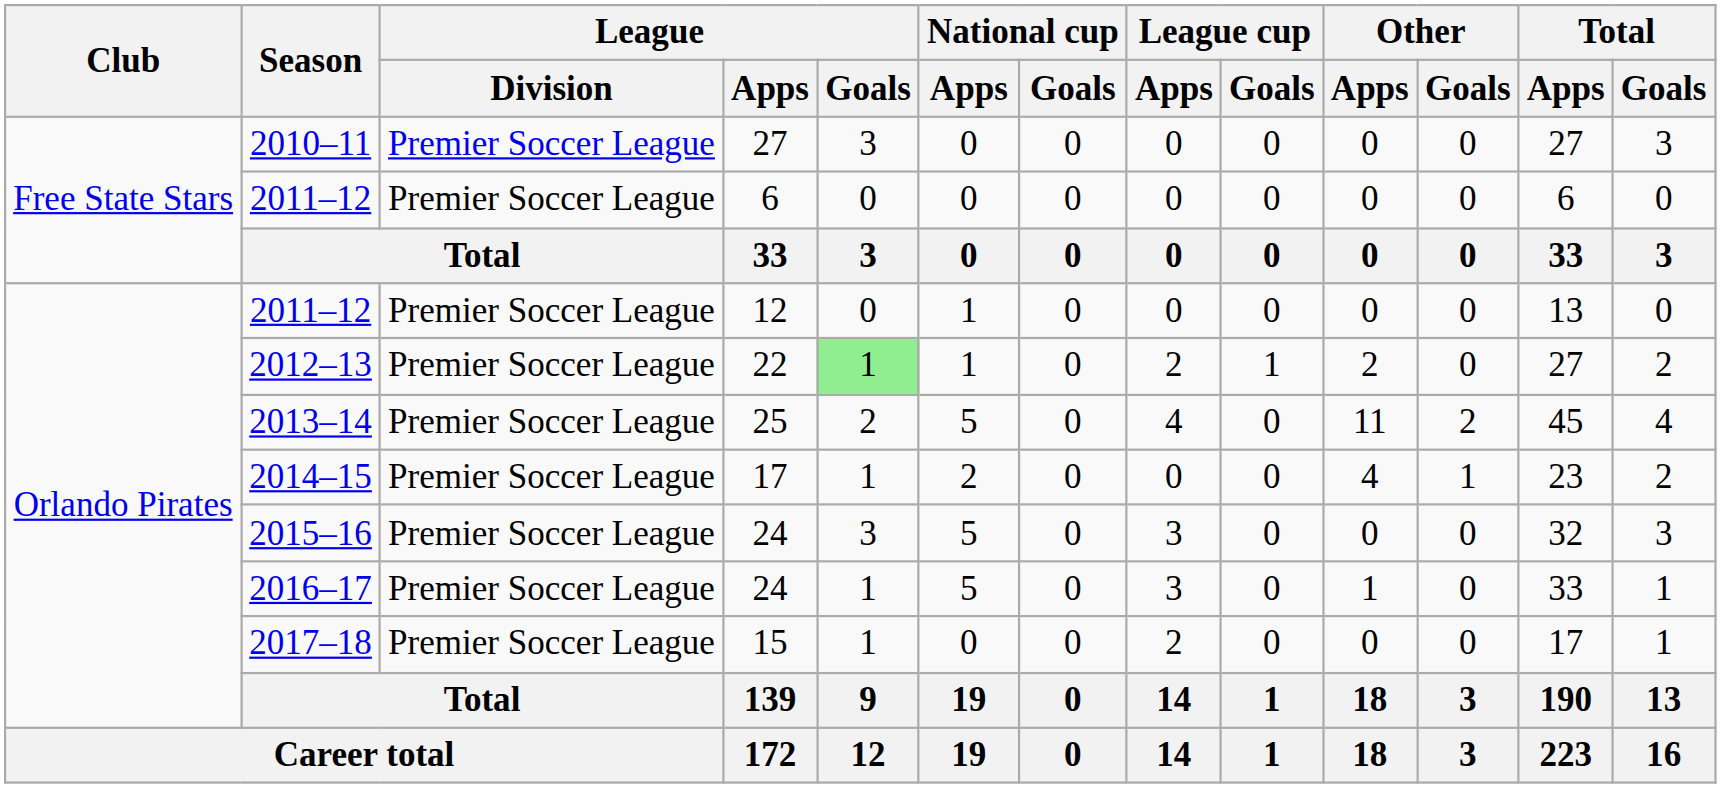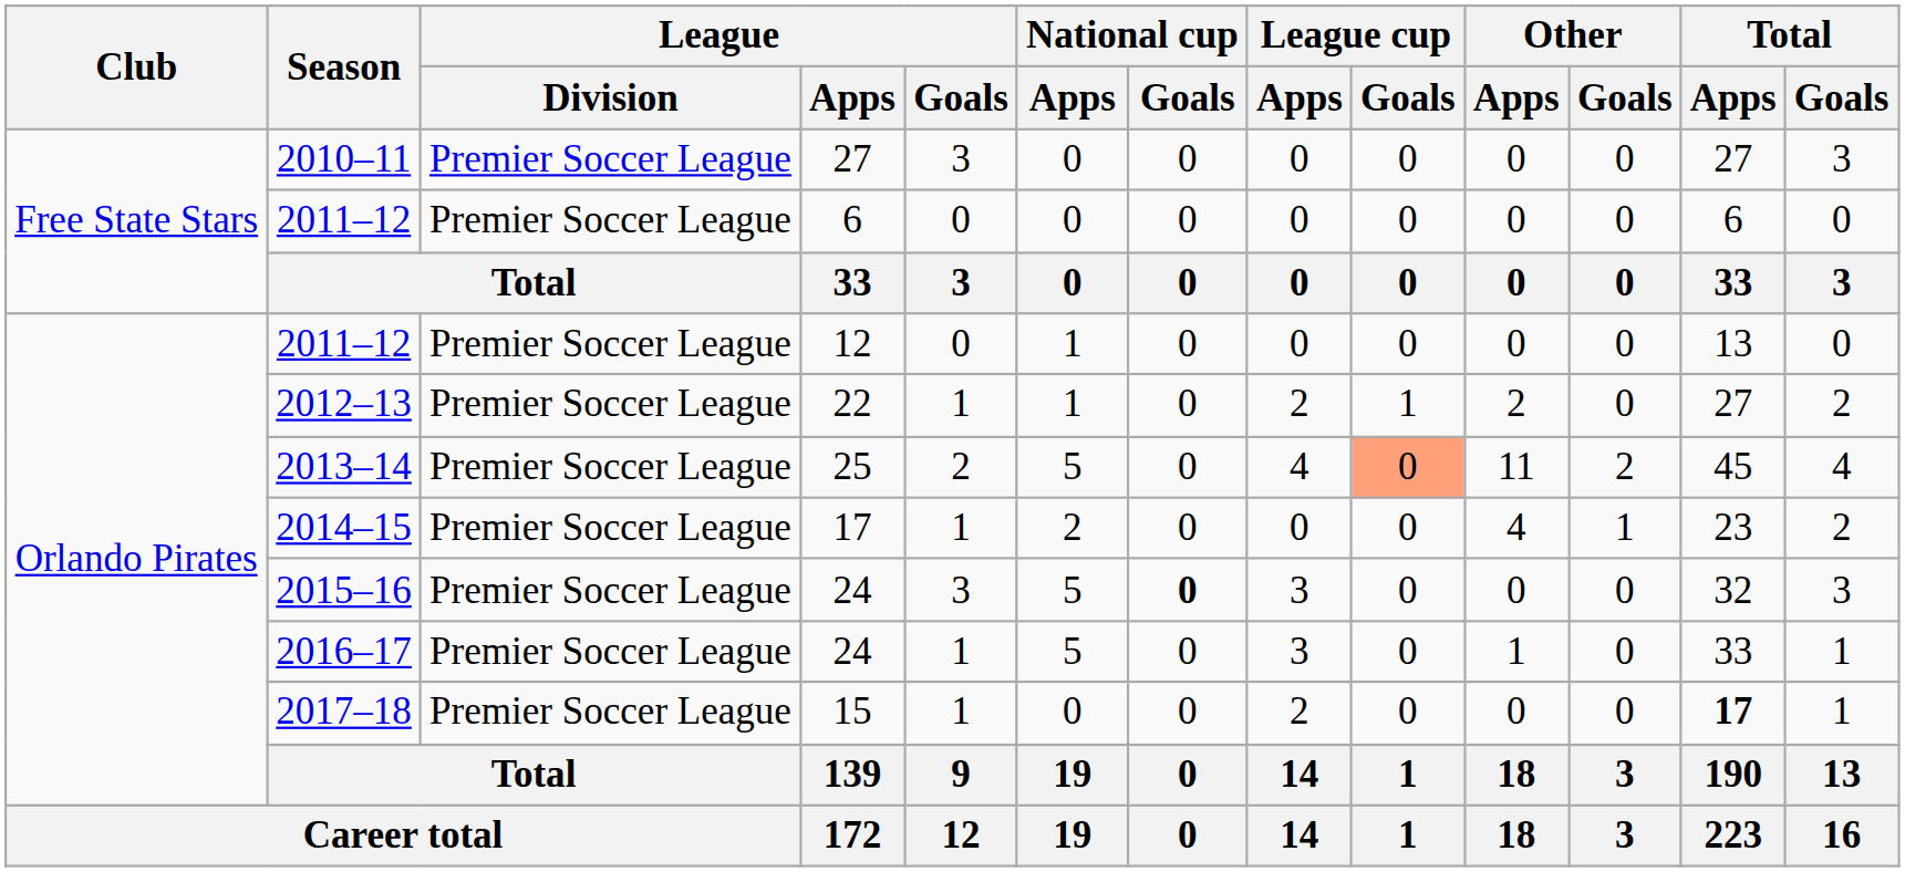 <table class="wikitable" style="text-align: center">
 <tr>
 <th rowspan="2">Club</th>
 <th rowspan="2">Season</th>
 <th colspan="3">League</th>
 <th colspan="2">National cup</th>
 <th colspan="2">League cup</th>
 <th colspan="2">Other</th>
 <th colspan="2">Total</th>
 </tr>
 <tr>
 <th>Division</th>
 <th>Apps</th>
 <th>Goals</th>
 <th>Apps</th>
 <th>Goals</th>
 <th>Apps</th>
 <th>Goals</th>
 <th>Apps</th>
 <th>Goals</th>
 <th>Apps</th>
 <th>Goals</th>
 </tr>
 <tr>
 <td rowspan="3"><a href='#'>Free State Stars</a></td>
 <td><a href='#'>2010–11</a></td>
 <td><a href='#'>Premier Soccer League</a></td>
 <td>27</td>
 <td>3</td>
 <td>0</td>
 <td>0</td>
 <td>0</td>
 <td>0</td>
 <td>0</td>
 <td>0</td>
 <td>27</td>
 <td>3</td>
 </tr>
 <tr>
 <td><a href='#'>2011–12</a></td>
 <td>Premier Soccer League</td>
 <td>6</td>
 <td>0</td>
 <td>0</td>
 <td>0</td>
 <td>0</td>
 <td>0</td>
 <td>0</td>
 <td>0</td>
 <td>6</td>
 <td>0</td>
 </tr>
 <tr>
 <th colspan="2">Total</th>
 <th>33</th>
 <th>3</th>
 <th>0</th>
 <th>0</th>
 <th>0</th>
 <th>0</th>
 <th>0</th>
 <th>0</th>
 <th>33</th>
 <th>3</th>
 </tr>
 <tr>
 <td rowspan="8"><a href='#'>Orlando Pirates</a></td>
 <td><a href='#'>2011–12</a></td>
 <td>Premier Soccer League</td>
 <td>12</td>
 <td>0</td>
 <td>1</td>
 <td>0</td>
 <td>0</td>
 <td>0</td>
 <td>0</td>
 <td>0</td>
 <td>13</td>
 <td>0</td>
 </tr>
 <tr>
 <td><a href='#'>2012–13</a></td>
 <td>Premier Soccer League</td>
 <td>22</td>
-<td style="background: lightgreen;">1</td>
+<td>1</td>
 <td>1</td>
 <td>0</td>
 <td>2</td>
 <td>1</td>
 <td>2</td>
 <td>0</td>
 <td>27</td>
 <td>2</td>
 </tr>
 <tr>
 <td><a href='#'>2013–14</a></td>
 <td>Premier Soccer League</td>
 <td>25</td>
 <td>2</td>
 <td>5</td>
 <td>0</td>
 <td>4</td>
-<td>0</td>
+<td style="background: lightsalmon;">0</td>
 <td>11</td>
 <td>2</td>
 <td>45</td>
 <td>4</td>
 </tr>
 <tr>
 <td><a href='#'>2014–15</a></td>
 <td>Premier Soccer League</td>
 <td>17</td>
 <td>1</td>
 <td>2</td>
 <td>0</td>
 <td>0</td>
 <td>0</td>
 <td>4</td>
 <td>1</td>
 <td>23</td>
 <td>2</td>
 </tr>
 <tr>
 <td><a href='#'>2015–16</a></td>
 <td>Premier Soccer League</td>
 <td>24</td>
 <td>3</td>
 <td>5</td>
-<td>0</td>
+<td><strong>0</strong></td>
 <td>3</td>
 <td>0</td>
 <td>0</td>
 <td>0</td>
 <td>32</td>
 <td>3</td>
 </tr>
 <tr>
 <td><a href='#'>2016–17</a></td>
 <td>Premier Soccer League</td>
 <td>24</td>
 <td>1</td>
 <td>5</td>
 <td>0</td>
 <td>3</td>
 <td>0</td>
 <td>1</td>
 <td>0</td>
 <td>33</td>
 <td>1</td>
 </tr>
 <tr>
 <td><a href='#'>2017–18</a></td>
 <td>Premier Soccer League</td>
 <td>15</td>
 <td>1</td>
 <td>0</td>
 <td>0</td>
 <td>2</td>
 <td>0</td>
 <td>0</td>
 <td>0</td>
-<td>17</td>
+<td><strong>17</strong></td>
 <td>1</td>
 </tr>
 <tr>
 <th colspan="2">Total</th>
 <th>139</th>
 <th>9</th>
 <th>19</th>
 <th>0</th>
 <th>14</th>
 <th>1</th>
 <th>18</th>
 <th>3</th>
 <th>190</th>
 <th>13</th>
 </tr>
 <tr>
 <th colspan="3">Career total</th>
 <th>172</th>
 <th>12</th>
 <th>19</th>
 <th>0</th>
 <th>14</th>
 <th>1</th>
 <th>18</th>
 <th>3</th>
 <th>223</th>
 <th>16</th>
 </tr>
 </table>
